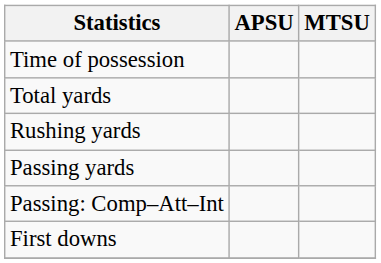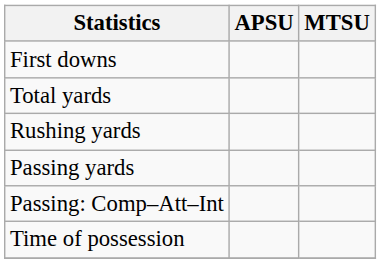 <table class="wikitable" style="float: left;">
 <tr>
 <th>Statistics</th>
 <th>APSU</th>
 <th>MTSU</th>
 </tr>
 <tr>
-<td>Time of possession</td>
+<td>First downs</td>
 <td></td>
 <td></td>
 </tr>
 <tr>
 <td>Total yards</td>
 <td></td>
 <td></td>
 </tr>
 <tr>
 <td>Rushing yards</td>
 <td></td>
 <td></td>
 </tr>
 <tr>
 <td>Passing yards</td>
 <td></td>
 <td></td>
 </tr>
 <tr>
 <td>Passing: Comp–Att–Int</td>
 <td></td>
 <td></td>
 </tr>
 <tr>
-<td>First downs</td>
+<td>Time of possession</td>
 <td></td>
 <td></td>
 </tr>
 <tr>
 </tr>
 </table>
